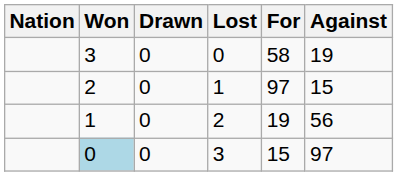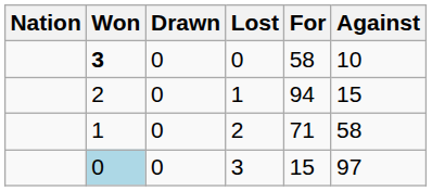 <table class="wikitable">
 <tr>
 <th>Nation</th>
 <th>Won</th>
 <th>Drawn</th>
 <th>Lost</th>
 <th>For</th>
 <th>Against</th>
 </tr>
 <tr>
 <td></td>
-<td>3</td>
+<td><strong>3</strong></td>
 <td>0</td>
 <td>0</td>
 <td>58</td>
-<td>19</td>
+<td>10</td>
 </tr>
 <tr>
 <td></td>
 <td>2</td>
 <td>0</td>
 <td>1</td>
-<td>97</td>
+<td>94</td>
 <td>15</td>
 </tr>
 <tr>
 <td></td>
 <td>1</td>
 <td>0</td>
 <td>2</td>
-<td>19</td>
-<td>56</td>
+<td>71</td>
+<td>58</td>
 </tr>
 <tr>
 <td></td>
 <td style="background: lightblue;">0</td>
 <td>0</td>
 <td>3</td>
 <td>15</td>
 <td>97</td>
 </tr>
 </table>
